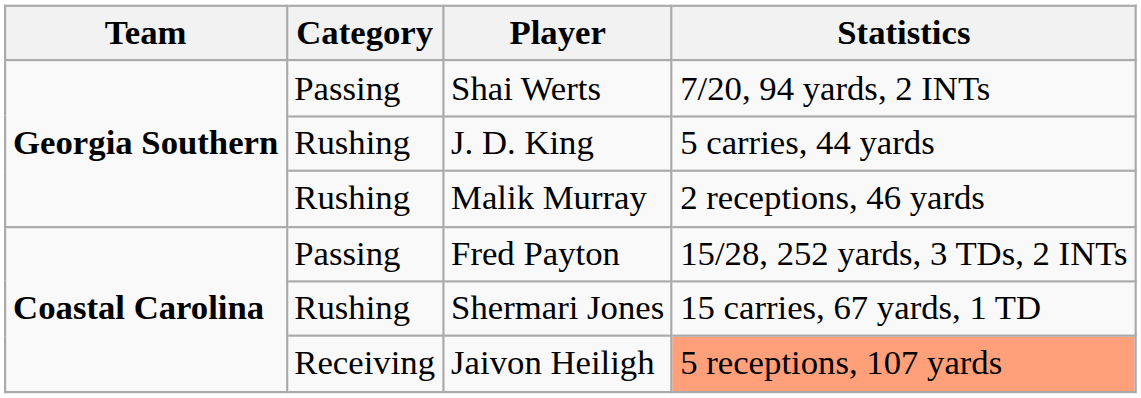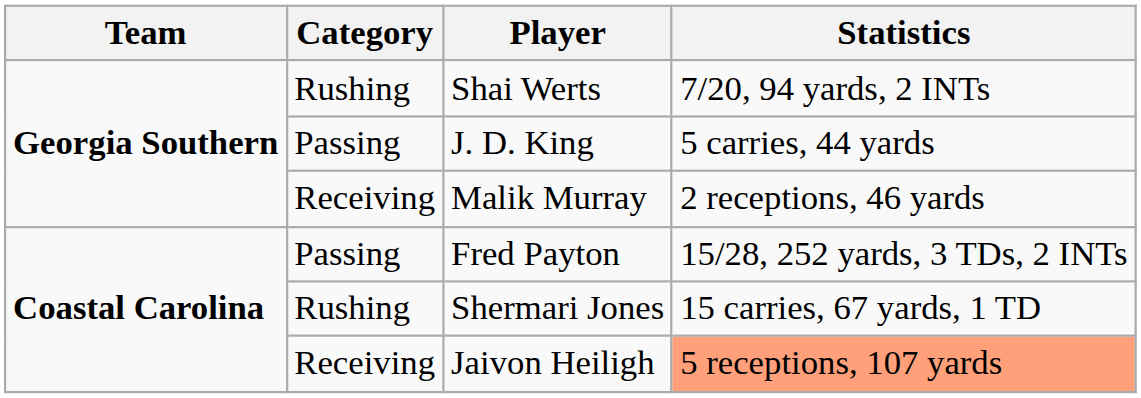 <table class="wikitable" style="float: left;">
 <tr>
 <th>Team</th>
 <th>Category</th>
 <th>Player</th>
 <th>Statistics</th>
 </tr>
 <tr>
 <td rowspan=3><strong>Georgia Southern</strong></td>
-<td>Passing</td>
+<td>Rushing</td>
 <td>Shai Werts</td>
 <td>7/20, 94 yards, 2 INTs</td>
 </tr>
 <tr>
-<td>Rushing</td>
+<td>Passing</td>
 <td>J. D. King</td>
 <td>5 carries, 44 yards</td>
 </tr>
 <tr>
-<td>Rushing</td>
+<td>Receiving</td>
 <td>Malik Murray</td>
 <td>2 receptions, 46 yards</td>
 </tr>
 <tr>
 <td rowspan=3><strong>Coastal Carolina</strong></td>
 <td>Passing</td>
 <td>Fred Payton</td>
 <td>15/28, 252 yards, 3 TDs, 2 INTs</td>
 </tr>
 <tr>
 <td>Rushing</td>
 <td>Shermari Jones</td>
 <td>15 carries, 67 yards, 1 TD</td>
 </tr>
 <tr>
 <td>Receiving</td>
 <td>Jaivon Heiligh</td>
 <td style="background: lightsalmon;">5 receptions, 107 yards</td>
 </tr>
 </table>
